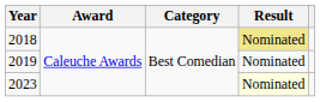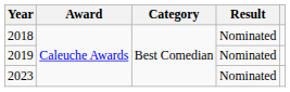 <table class="wikitable">
 <tr>
 <th>Year</th>
 <th>Award</th>
 <th>Category</th>
 <th>Result</th>
 <th></th>
 </tr>
 <tr>
 <td>2018</td>
 <td rowspan="3"><a href='#'>Caleuche Awards</a></td>
 <td rowspan="3">Best Comedian</td>
-<td style="background: khaki;">Nominated</td>
+<td>Nominated</td>
 <td></td>
 </tr>
 <tr>
 <td>2019</td>
 <td>Nominated</td>
 <td></td>
 </tr>
 <tr>
 <td>2023</td>
-<td style="background: lightyellow;">Nominated</td>
+<td>Nominated</td>
 <td></td>
 </tr>
 </table>
